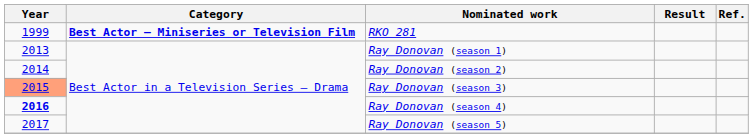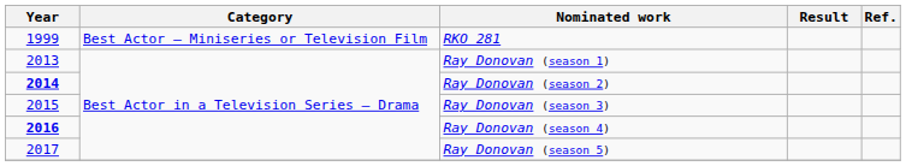 <table class=wikitable>
 <tr>
 <th scope="col" style="width:5em;">Year</th>
 <th scope="col" style="width:26em;">Category</th>
 <th scope="col" style="width:25em;">Nominated work</th>
 <th scope="col" style="width:5em;">Result</th>
 <th>Ref.</th>
 </tr>
 <tr>
 <td style="text-align:center;"><a href='#'>1999</a></td>
-<td><strong><a href='#'>Best Actor – Miniseries or Television Film</a></strong></td>
+<td><a href='#'>Best Actor – Miniseries or Television Film</a></td>
 <td><em><a href='#'>RKO 281</a></em></td>
 <td></td>
 <td></td>
 </tr>
 <tr>
 <td style="text-align:center;"><a href='#'>2013</a></td>
 <td rowspan="5"><a href='#'>Best Actor in a Television Series – Drama</a></td>
 <td><em><a href='#'>Ray Donovan</a></em> <small> (<a href='#'>season 1</a>) </small></td>
 <td></td>
 <td></td>
 </tr>
 <tr>
-<td style="text-align:center;"><a href='#'>2014</a></td>
+<td style="text-align:center;"><strong><a href='#'>2014</a></strong></td>
 <td><em><a href='#'>Ray Donovan</a></em> <small> (<a href='#'>season 2</a>) </small></td>
 <td></td>
 <td></td>
 </tr>
 <tr>
-<td style="background: lightsalmon; text-align:center;"><a href='#'>2015</a></td>
+<td style="text-align:center;"><a href='#'>2015</a></td>
 <td><em><a href='#'>Ray Donovan</a></em> <small> (<a href='#'>season 3</a>) </small></td>
 <td></td>
 <td></td>
 </tr>
 <tr>
 <td style="text-align:center;"><strong><a href='#'>2016</a></strong></td>
 <td><em><a href='#'>Ray Donovan</a></em> <small> (<a href='#'>season 4</a>) </small></td>
 <td></td>
 <td></td>
 </tr>
 <tr>
 <td style="text-align:center;"><a href='#'>2017</a></td>
 <td><em><a href='#'>Ray Donovan</a></em> <small> (<a href='#'>season 5</a>) </small></td>
 <td></td>
 <td></td>
 </tr>
 <tr>
 </tr>
 </table>
